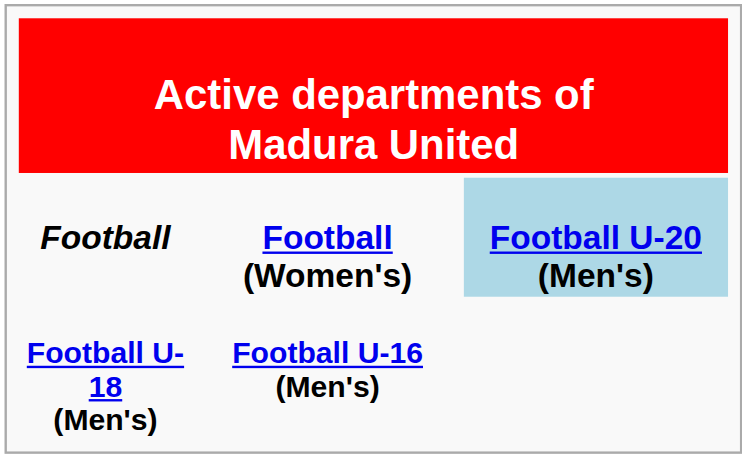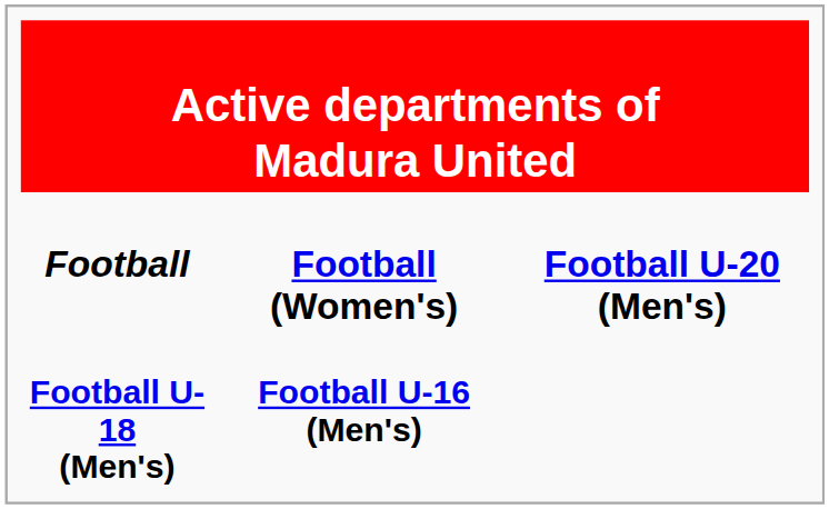 <table class="infobox" style="font-size: 88%; width: 22em; text-align: center">
 <tr>
 <th colspan=3 style="font-size: 125%; background-color:#ff0000; color:white; text-align:center;"><br>Active departments of<br>Madura United</th>
 </tr>
 <tr style="text-align: center">
 <td><br><strong><em>Football</em></strong></td>
 <td><br><strong><a href='#'>Football</a> (Women's)</strong></td>
-<td style="background: lightblue;"><br><strong><a href='#'>Football U-20</a> (Men's)</strong></td>
+<td><br><strong><a href='#'>Football U-20</a> (Men's)</strong></td>
 </tr>
 <tr style="font-size: 90%; text-align: center">
 <td><br><strong><a href='#'>Football U-18</a><br>(Men's)</strong></td>
 <td><br><strong><a href='#'>Football U-16</a><br> (Men's)</strong></td>
 </tr>
 </table>
